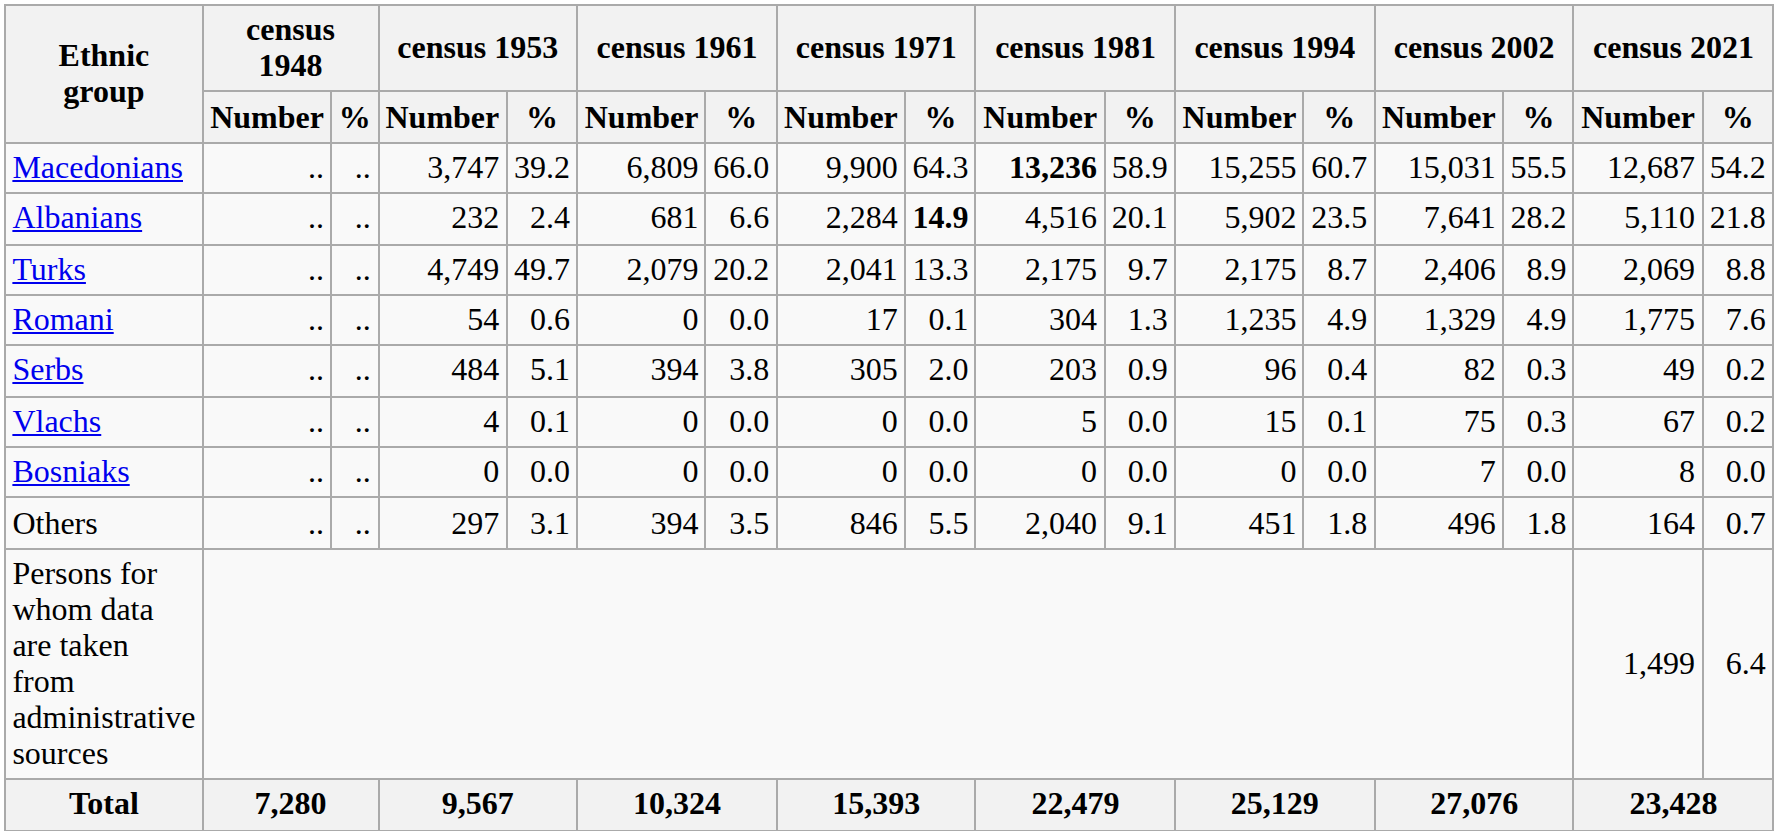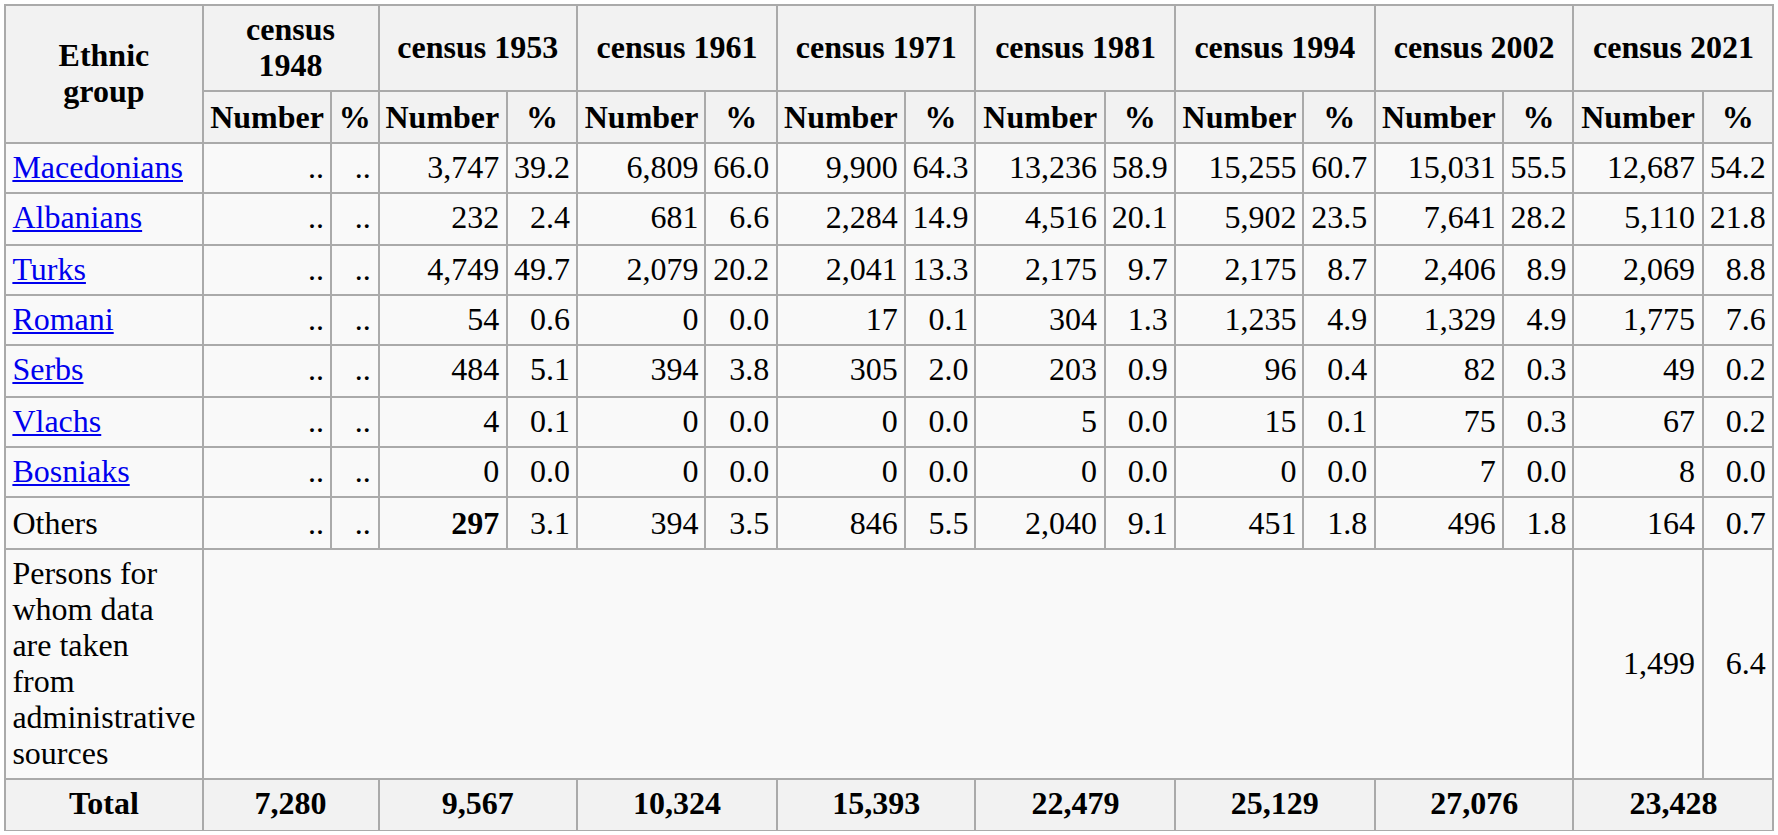 <table class="wikitable">
 <tr bgcolor="#e0e0e0">
 <th rowspan="2">Ethnic<br>group</th>
 <th colspan="2">census 1948</th>
 <th colspan="2">census 1953</th>
 <th colspan="2">census 1961</th>
 <th colspan="2">census 1971</th>
 <th colspan="2">census 1981</th>
 <th colspan="2">census 1994</th>
 <th colspan="2">census 2002</th>
 <th colspan="2">census 2021</th>
 </tr>
 <tr bgcolor="#e0e0e0">
 <th>Number</th>
 <th>%</th>
 <th>Number</th>
 <th>%</th>
 <th>Number</th>
 <th>%</th>
 <th>Number</th>
 <th>%</th>
 <th>Number</th>
 <th>%</th>
 <th>Number</th>
 <th>%</th>
 <th>Number</th>
 <th>%</th>
 <th>Number</th>
 <th>%</th>
 </tr>
 <tr>
 <td><a href='#'>Macedonians</a></td>
 <td align="right">..</td>
 <td align="right">..</td>
 <td align="right">3,747</td>
 <td align="right">39.2</td>
 <td align="right">6,809</td>
 <td align="right">66.0</td>
 <td align="right">9,900</td>
 <td align="right">64.3</td>
-<td align="right"><strong>13,236</strong></td>
+<td align="right">13,236</td>
 <td align="right">58.9</td>
 <td align="right">15,255</td>
 <td align="right">60.7</td>
 <td align="right">15,031</td>
 <td align="right">55.5</td>
 <td align="right">12,687</td>
 <td align="right">54.2</td>
 </tr>
 <tr>
 <td><a href='#'>Albanians</a></td>
 <td align="right">..</td>
 <td align="right">..</td>
 <td align="right">232</td>
 <td align="right">2.4</td>
 <td align="right">681</td>
 <td align="right">6.6</td>
 <td align="right">2,284</td>
-<td align="right"><strong>14.9</strong></td>
+<td align="right">14.9</td>
 <td align="right">4,516</td>
 <td align="right">20.1</td>
 <td align="right">5,902</td>
 <td align="right">23.5</td>
 <td align="right">7,641</td>
 <td align="right">28.2</td>
 <td align="right">5,110</td>
 <td align="right">21.8</td>
 </tr>
 <tr>
 <td><a href='#'>Turks</a></td>
 <td align="right">..</td>
 <td align="right">..</td>
 <td align="right">4,749</td>
 <td align="right">49.7</td>
 <td align="right">2,079</td>
 <td align="right">20.2</td>
 <td align="right">2,041</td>
 <td align="right">13.3</td>
 <td align="right">2,175</td>
 <td align="right">9.7</td>
 <td align="right">2,175</td>
 <td align="right">8.7</td>
 <td align="right">2,406</td>
 <td align="right">8.9</td>
 <td align="right">2,069</td>
 <td align="right">8.8</td>
 </tr>
 <tr>
 <td><a href='#'>Romani</a></td>
 <td align="right">..</td>
 <td align="right">..</td>
 <td align="right">54</td>
 <td align="right">0.6</td>
 <td align="right">0</td>
 <td align="right">0.0</td>
 <td align="right">17</td>
 <td align="right">0.1</td>
 <td align="right">304</td>
 <td align="right">1.3</td>
 <td align="right">1,235</td>
 <td align="right">4.9</td>
 <td align="right">1,329</td>
 <td align="right">4.9</td>
 <td align="right">1,775</td>
 <td align="right">7.6</td>
 </tr>
 <tr>
 <td><a href='#'>Serbs</a></td>
 <td align="right">..</td>
 <td align="right">..</td>
 <td align="right">484</td>
 <td align="right">5.1</td>
 <td align="right">394</td>
 <td align="right">3.8</td>
 <td align="right">305</td>
 <td align="right">2.0</td>
 <td align="right">203</td>
 <td align="right">0.9</td>
 <td align="right">96</td>
 <td align="right">0.4</td>
 <td align="right">82</td>
 <td align="right">0.3</td>
 <td align="right">49</td>
 <td align="right">0.2</td>
 </tr>
 <tr>
 <td><a href='#'>Vlachs</a></td>
 <td align="right">..</td>
 <td align="right">..</td>
 <td align="right">4</td>
 <td align="right">0.1</td>
 <td align="right">0</td>
 <td align="right">0.0</td>
 <td align="right">0</td>
 <td align="right">0.0</td>
 <td align="right">5</td>
 <td align="right">0.0</td>
 <td align="right">15</td>
 <td align="right">0.1</td>
 <td align="right">75</td>
 <td align="right">0.3</td>
 <td align="right">67</td>
 <td align="right">0.2</td>
 </tr>
 <tr>
 <td><a href='#'>Bosniaks</a></td>
 <td align="right">..</td>
 <td align="right">..</td>
 <td align="right">0</td>
 <td align="right">0.0</td>
 <td align="right">0</td>
 <td align="right">0.0</td>
 <td align="right">0</td>
 <td align="right">0.0</td>
 <td align="right">0</td>
 <td align="right">0.0</td>
 <td align="right">0</td>
 <td align="right">0.0</td>
 <td align="right">7</td>
 <td align="right">0.0</td>
 <td align="right">8</td>
 <td align="right">0.0</td>
 </tr>
 <tr>
 <td>Others</td>
 <td align="right">..</td>
 <td align="right">..</td>
-<td align="right">297</td>
+<td align="right"><strong>297</strong></td>
 <td align="right">3.1</td>
 <td align="right">394</td>
 <td align="right">3.5</td>
 <td align="right">846</td>
 <td align="right">5.5</td>
 <td align="right">2,040</td>
 <td align="right">9.1</td>
 <td align="right">451</td>
 <td align="right">1.8</td>
 <td align="right">496</td>
 <td align="right">1.8</td>
 <td align="right">164</td>
 <td align="right">0.7</td>
 </tr>
 <tr>
 <td>Persons for whom data are taken from administrative sources</td>
 <td colspan="14"></td>
 <td align="right">1,499</td>
 <td align="right">6.4</td>
 </tr>
 <tr>
 </tr>
 <tr bgcolor="#e0e0e0">
 <th align="left">Total</th>
 <th colspan="2">7,280</th>
 <th colspan="2">9,567</th>
 <th colspan="2">10,324</th>
 <th colspan="2">15,393</th>
 <th colspan="2">22,479</th>
 <th colspan="2">25,129</th>
 <th colspan="2">27,076</th>
 <th colspan="2">23,428</th>
 </tr>
 <tr>
 </tr>
 </table>
